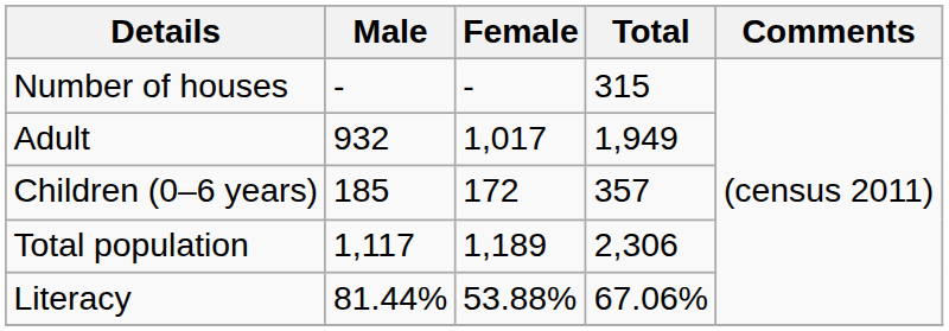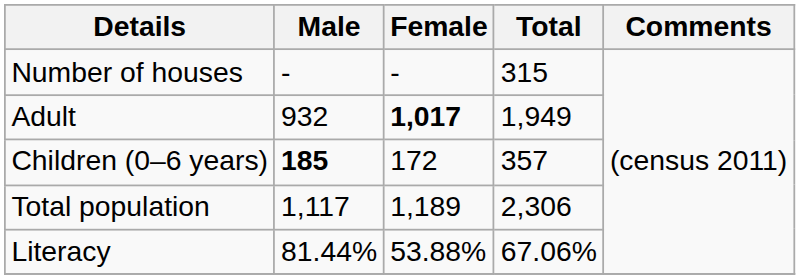 <table class="wikitable sortable">
 <tr>
 <th>Details</th>
 <th>Male</th>
 <th>Female</th>
 <th>Total</th>
 <th>Comments</th>
 </tr>
 <tr>
 <td>Number of houses</td>
 <td>-</td>
 <td>-</td>
 <td>315</td>
 <td rowspan="5">(census 2011) </td>
 </tr>
 <tr>
 <td>Adult</td>
 <td>932</td>
-<td>1,017</td>
+<td><strong>1,017</strong></td>
 <td>1,949</td>
 </tr>
 <tr>
 <td>Children (0–6 years)</td>
-<td>185</td>
+<td><strong>185</strong></td>
 <td>172</td>
 <td>357</td>
 </tr>
 <tr>
 <td>Total population</td>
 <td>1,117</td>
 <td>1,189</td>
 <td>2,306</td>
 </tr>
 <tr>
 <td>Literacy</td>
 <td>81.44%</td>
 <td>53.88%</td>
 <td>67.06%</td>
 </tr>
 <tr>
 </tr>
 </table>
